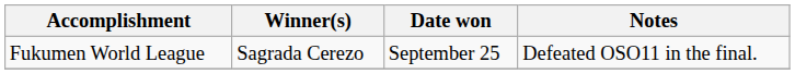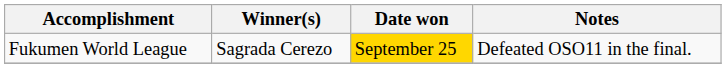 <table class="wikitable" style="width:100%;">
 <tr>
 <th>Accomplishment</th>
 <th>Winner(s)</th>
 <th>Date won</th>
 <th>Notes</th>
 </tr>
 <tr>
 <td>Fukumen World League</td>
 <td>Sagrada Cerezo</td>
-<td>September 25</td>
+<td style="background: gold;">September 25</td>
 <td>Defeated OSO11 in the final.</td>
 </tr>
 <tr>
 </tr>
 </table>
